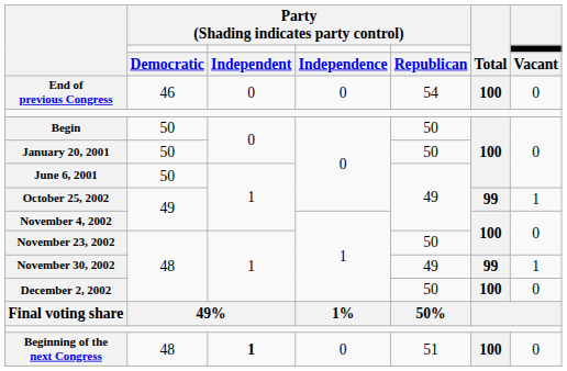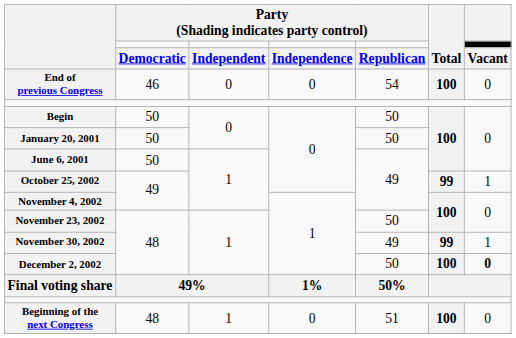 <table class=wikitable style="text-align:center">
 <tr style="vertical-align:bottom;">
 <th rowspan=3></th>
 <th colspan=4>Party <div>(Shading indicates party control)</div></th>
 <th rowspan=3>Total</th>
 <th></th>
 </tr>
 <tr style="height:5px">
 <td style="background-color:"></td>
 <td style="background-color:"></td>
 <td style="background-color:"></td>
 <td style="background-color:"></td>
 <td style="background-color:black"></td>
 </tr>
 <tr valign= bottom>
 <th><a href='#'>Democratic</a></th>
 <th><a href='#'>Independent</a></th>
 <th><a href='#'>Independence</a></th>
 <th><a href='#'>Republican</a></th>
 <th>Vacant</th>
 </tr>
 <tr>
 <th nowrap style="font-size:80%">End of<br><a href='#'>previous Congress</a></th>
 <td>46</td>
 <td>0</td>
 <td>0</td>
 <td>54</td>
 <th>100</th>
 <td>0</td>
 </tr>
 <tr>
 <td colspan=8></td>
 </tr>
 <tr>
 <th nowrap style="font-size:80%">Begin</th>
 <td>50</td>
 <td rowspan=2>0</td>
 <td rowspan=4>0</td>
 <td>50</td>
 <th rowspan=3>100</th>
 <td rowspan=3>0</td>
 </tr>
 <tr>
 <th nowrap style="font-size:80%">January 20, 2001</th>
 <td>50</td>
 <td>50</td>
 </tr>
 <tr>
 <th nowrap style="font-size:80%">June 6, 2001</th>
 <td>50</td>
 <td rowspan=3 >1</td>
 <td rowspan=3>49</td>
 </tr>
 <tr>
 <th nowrap style="font-size:80%">October 25, 2002</th>
 <td rowspan=2 >49</td>
 <th>99</th>
 <td>1</td>
 </tr>
 <tr>
 <th nowrap style="font-size:80%">November 4, 2002</th>
 <td rowspan=4>1</td>
 <th rowspan=2>100</th>
 <td rowspan=2>0</td>
 </tr>
 <tr>
 <th nowrap style="font-size:80%">November 23, 2002</th>
 <td rowspan=3>48</td>
 <td rowspan=3>1</td>
 <td>50</td>
 </tr>
 <tr>
 <th nowrap style="font-size:80%">November 30, 2002</th>
 <td>49</td>
 <th>99</th>
 <td>1</td>
 </tr>
 <tr>
 <th nowrap style="font-size:80%">December 2, 2002</th>
 <td>50</td>
 <th>100</th>
-<td>0</td>
+<td><strong>0</strong></td>
 </tr>
 <tr>
 <th>Final voting share</th>
 <th colspan=2>49%</th>
 <th>1%</th>
 <th>50%</th>
 <th colspan=2></th>
 </tr>
 <tr>
 <td colspan=8></td>
 </tr>
 <tr>
 <th nowrap style="font-size:80%">Beginning of the<br><a href='#'>next Congress</a></th>
 <td>48</td>
-<td><strong>1</strong></td>
+<td>1</td>
 <td>0</td>
 <td>51</td>
 <th>100</th>
 <td>0</td>
 </tr>
 </table>
